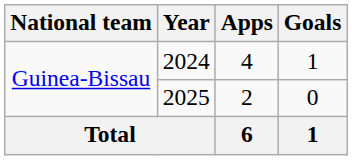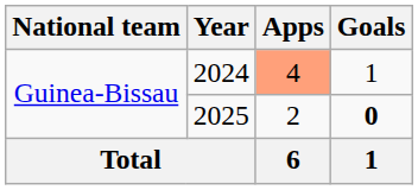 <table class="wikitable" style="text-align:center">
 <tr>
 <th>National team</th>
 <th>Year</th>
 <th>Apps</th>
 <th>Goals</th>
 </tr>
 <tr>
 <td rowspan="2"><a href='#'>Guinea-Bissau</a></td>
 <td>2024</td>
-<td>4</td>
+<td style="background: lightsalmon;">4</td>
 <td>1</td>
 </tr>
 <tr>
 <td>2025</td>
 <td>2</td>
-<td>0</td>
+<td><strong>0</strong></td>
 </tr>
 <tr>
 <th colspan="2">Total</th>
 <th>6</th>
 <th>1</th>
 </tr>
 </table>
